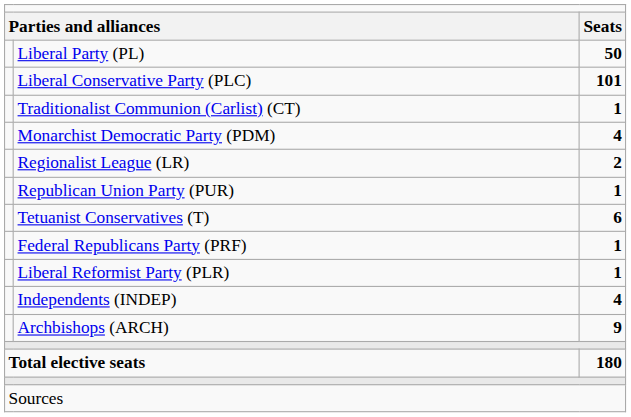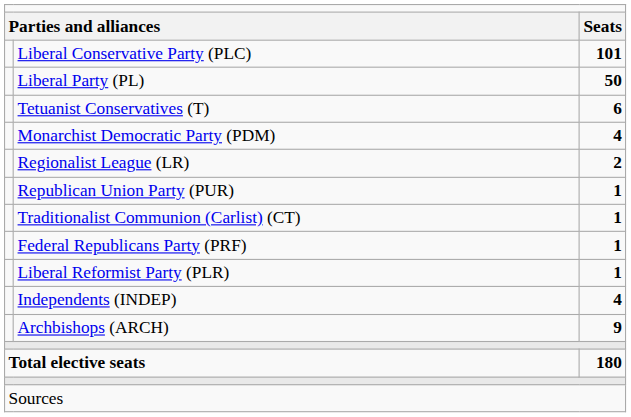 <table class="wikitable" style="text-align:right;">
 <tr>
 <td colspan="3"></td>
 </tr>
 <tr>
 <th style="text-align:left;" colspan="2" width="525">Parties and alliances</th>
 <th width="35">Seats</th>
 </tr>
 <tr>
-<td style="color:inherit;background:"></td>
-<td align="left"><a href='#'>Liberal Party</a> (PL)</td>
-<td><strong>50</strong></td>
-</tr>
-<tr>
 <td width="1" style="color:inherit;background:"></td>
 <td align="left"><a href='#'>Liberal Conservative Party</a> (PLC)</td>
 <td><strong>101</strong></td>
 </tr>
 <tr>
 <td style="color:inherit;background:"></td>
-<td align="left"><a href='#'>Traditionalist Communion (Carlist)</a> (CT)</td>
-<td><strong>1</strong></td>
+<td align="left"><a href='#'>Liberal Party</a> (PL)</td>
+<td><strong>50</strong></td>
+</tr>
+<tr>
+<td style="color:inherit;background:"></td>
+<td align="left"><a href='#'>Tetuanist Conservatives</a> (T)</td>
+<td><strong>6</strong></td>
 </tr>
 <tr>
 <td style="color:inherit;background:"></td>
 <td align="left"><a href='#'>Monarchist Democratic Party</a> (PDM)</td>
 <td><strong>4</strong></td>
 </tr>
 <tr>
 <td style="color:inherit;background:"></td>
 <td align="left"><a href='#'>Regionalist League</a> (LR)</td>
 <td><strong>2</strong></td>
 </tr>
 <tr>
 <td style="color:inherit;background:"></td>
 <td align="left"><a href='#'>Republican Union Party</a> (PUR)</td>
 <td><strong>1</strong></td>
 </tr>
 <tr>
 <td style="color:inherit;background:"></td>
-<td align="left"><a href='#'>Tetuanist Conservatives</a> (T)</td>
-<td><strong>6</strong></td>
+<td align="left"><a href='#'>Traditionalist Communion (Carlist)</a> (CT)</td>
+<td><strong>1</strong></td>
 </tr>
 <tr>
 <td style="color:inherit;background:"></td>
 <td align="left"><a href='#'>Federal Republicans Party</a> (PRF)</td>
 <td><strong>1</strong></td>
 </tr>
 <tr>
 <td style="color:inherit;background:"></td>
 <td align="left"><a href='#'>Liberal Reformist Party</a> (PLR)</td>
 <td><strong>1</strong></td>
 </tr>
 <tr>
 <td style="color:inherit;background:"></td>
 <td align="left"><a href='#'>Independents</a> (INDEP)</td>
 <td><strong>4</strong></td>
 </tr>
 <tr>
 <td style="color:inherit;background:"></td>
 <td align="left"><a href='#'>Archbishops</a> (ARCH)</td>
 <td><strong>9</strong></td>
 </tr>
 <tr>
 <td colspan="3" bgcolor="#E9E9E9"></td>
 </tr>
 <tr style="font-weight:bold;">
 <td align="left" colspan="2">Total elective seats</td>
 <td>180</td>
 </tr>
 <tr>
 <td colspan="3" bgcolor="#E9E9E9"></td>
 </tr>
 <tr>
 <td align="left" colspan="3">Sources</td>
 </tr>
 </table>
